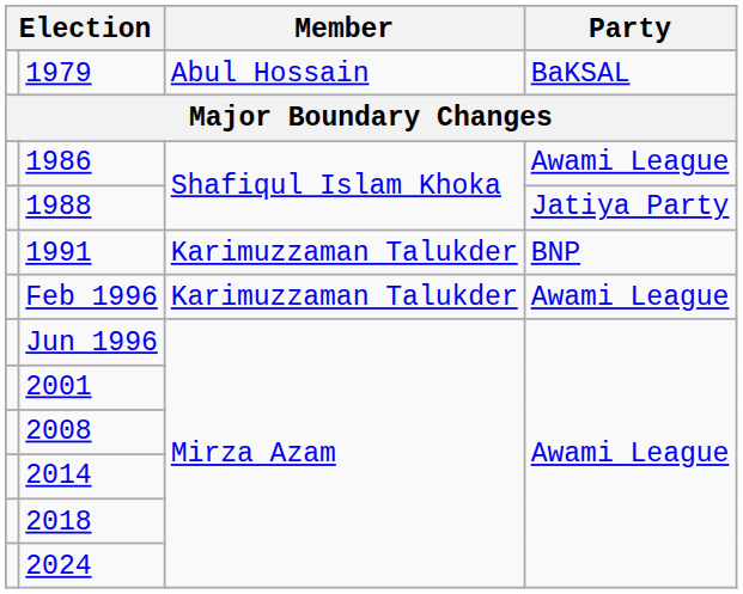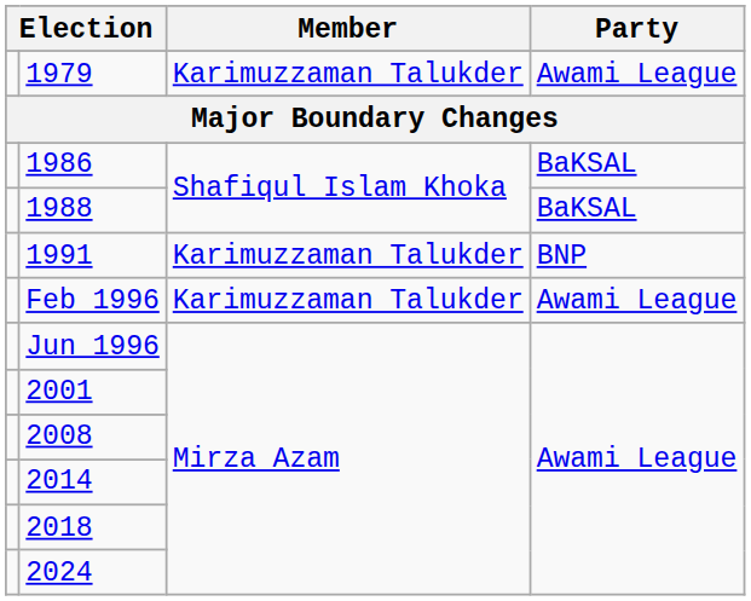 <table class="wikitable">
 <tr>
 <th colspan="2">Election</th>
 <th>Member</th>
 <th>Party</th>
 </tr>
 <tr>
 <td style="background-color:"></td>
 <td><a href='#'>1979</a></td>
-<td><a href='#'>Abul Hossain</a></td>
-<td><a href='#'>BaKSAL</a></td>
+<td><a href='#'>Karimuzzaman Talukder</a></td>
+<td><a href='#'>Awami League</a></td>
 </tr>
 <tr>
 <th colspan="4">Major Boundary Changes</th>
 </tr>
 <tr>
 <td style="background-color:"></td>
 <td><a href='#'>1986</a></td>
 <td rowspan="2"><a href='#'>Shafiqul Islam Khoka</a></td>
-<td><a href='#'>Awami League</a></td>
+<td><a href='#'>BaKSAL</a></td>
 </tr>
 <tr>
 <td style="background-color:"></td>
 <td><a href='#'>1988</a></td>
-<td><a href='#'>Jatiya Party</a></td>
+<td><a href='#'>BaKSAL</a></td>
 </tr>
 <tr>
 <td style="background-color:"></td>
 <td><a href='#'>1991</a></td>
 <td><a href='#'>Karimuzzaman Talukder</a></td>
 <td><a href='#'>BNP</a></td>
 </tr>
 <tr>
 <td style="background-color:"></td>
 <td><a href='#'>Feb 1996</a></td>
 <td><a href='#'>Karimuzzaman Talukder</a></td>
 <td><a href='#'>Awami League</a></td>
 </tr>
 <tr>
 <td style="background-color:"></td>
 <td><a href='#'>Jun 1996</a></td>
 <td rowspan="6"><a href='#'>Mirza Azam</a></td>
 <td rowspan="6"><a href='#'>Awami League</a></td>
 </tr>
 <tr>
 <td style="background-color:"></td>
 <td><a href='#'>2001</a></td>
 </tr>
 <tr>
 <td style="background-color:"></td>
 <td><a href='#'>2008</a></td>
 </tr>
 <tr>
 <td style="background-color:"></td>
 <td><a href='#'>2014</a></td>
 </tr>
 <tr>
 <td style="background-color:"></td>
 <td><a href='#'>2018</a></td>
 </tr>
 <tr>
 <td style="background-color:"></td>
 <td><a href='#'>2024</a></td>
 </tr>
 </table>
